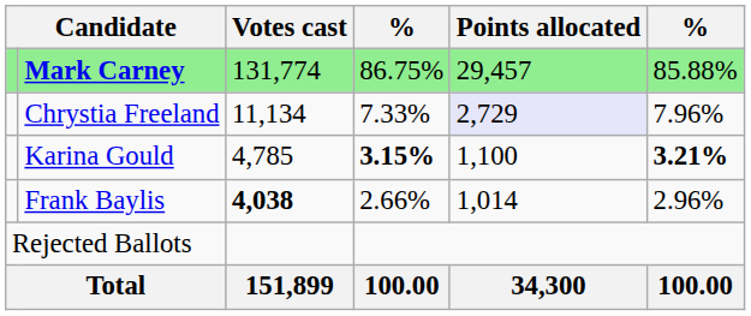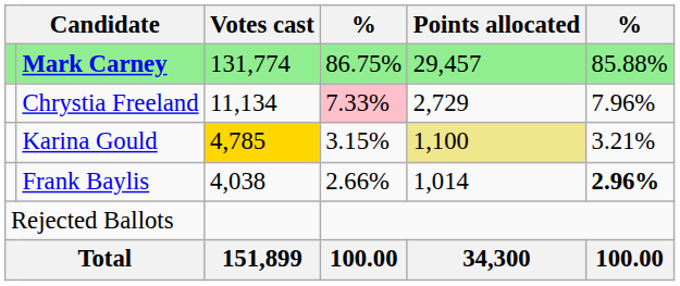 <table class="wikitable">
 <tr>
 <th colspan="2">Candidate</th>
 <th>Votes cast</th>
 <th>%</th>
 <th>Points allocated</th>
 <th>%</th>
 </tr>
 <tr style="background:lightgreen;">
 <td></td>
 <td><strong><a href='#'>Mark Carney</a></strong></td>
 <td>131,774</td>
 <td>86.75%</td>
 <td>29,457</td>
 <td>85.88%</td>
 </tr>
 <tr>
 <td></td>
 <td><a href='#'>Chrystia Freeland</a></td>
 <td>11,134</td>
-<td>7.33%</td>
-<td style="background: lavender;">2,729</td>
+<td style="background: pink;">7.33%</td>
+<td>2,729</td>
 <td>7.96%</td>
 </tr>
 <tr>
 <td></td>
 <td><a href='#'>Karina Gould</a></td>
-<td>4,785</td>
-<td><strong>3.15%</strong></td>
-<td>1,100</td>
-<td><strong>3.21%</strong></td>
+<td style="background: gold;">4,785</td>
+<td>3.15%</td>
+<td style="background: khaki;">1,100</td>
+<td>3.21%</td>
 </tr>
 <tr>
 <td></td>
 <td><a href='#'>Frank Baylis</a></td>
-<td><strong>4,038</strong></td>
+<td>4,038</td>
 <td>2.66%</td>
 <td>1,014</td>
-<td>2.96%</td>
+<td><strong>2.96%</strong></td>
 </tr>
 <tr>
 <td colspan="2">Rejected Ballots</td>
 <td></td>
 <td colspan="3"></td>
 </tr>
 <tr>
 <th colspan="2">Total</th>
 <th>151,899</th>
 <th>100.00</th>
 <th>34,300</th>
 <th>100.00</th>
 </tr>
 </table>
